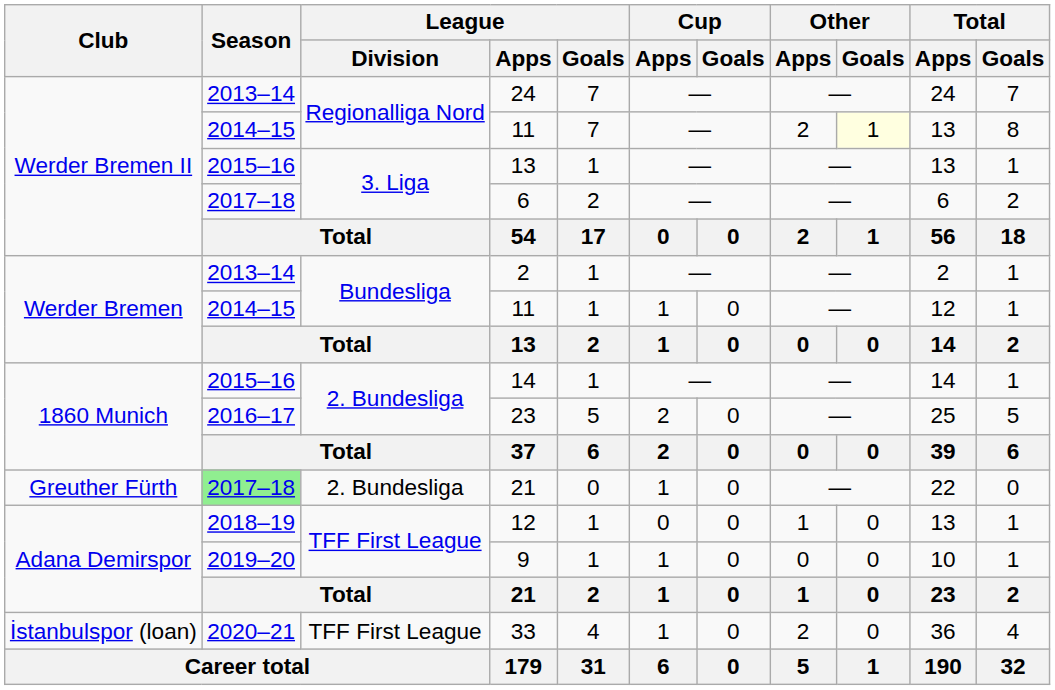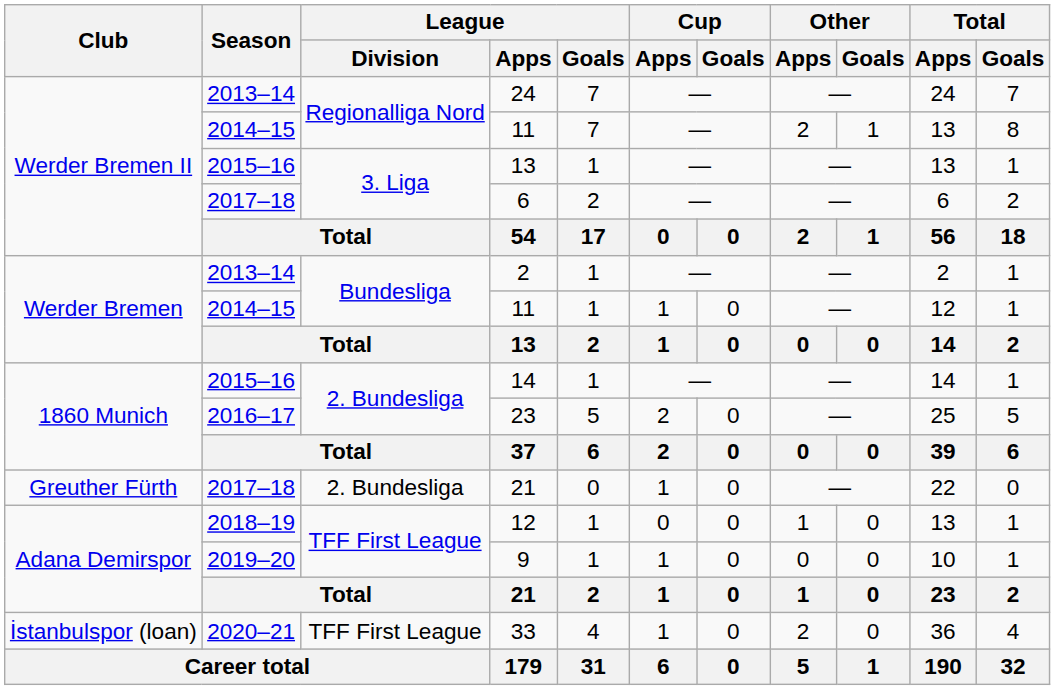 <table class="wikitable" style="text-align:center">
 <tr>
 <th rowspan="2">Club</th>
 <th rowspan="2">Season</th>
 <th colspan="3">League</th>
 <th colspan="2">Cup</th>
 <th colspan="2">Other</th>
 <th colspan="2">Total</th>
 </tr>
 <tr>
 <th>Division</th>
 <th>Apps</th>
 <th>Goals</th>
 <th>Apps</th>
 <th>Goals</th>
 <th>Apps</th>
 <th>Goals</th>
 <th>Apps</th>
 <th>Goals</th>
 </tr>
 <tr>
 <td rowspan="5"><a href='#'>Werder Bremen II</a></td>
 <td><a href='#'>2013–14</a></td>
 <td rowspan="2"><a href='#'>Regionalliga Nord</a></td>
 <td>24</td>
 <td>7</td>
 <td colspan="2">—</td>
 <td colspan="2">—</td>
 <td>24</td>
 <td>7</td>
 </tr>
 <tr>
 <td><a href='#'>2014–15</a></td>
 <td>11</td>
 <td>7</td>
 <td colspan="2">—</td>
 <td>2</td>
-<td style="background: lightyellow;">1</td>
+<td>1</td>
 <td>13</td>
 <td>8</td>
 </tr>
 <tr>
 <td><a href='#'>2015–16</a></td>
 <td rowspan="2"><a href='#'>3. Liga</a></td>
 <td>13</td>
 <td>1</td>
 <td colspan="2">—</td>
 <td colspan="2">—</td>
 <td>13</td>
 <td>1</td>
 </tr>
 <tr>
 <td><a href='#'>2017–18</a></td>
 <td>6</td>
 <td>2</td>
 <td colspan="2">—</td>
 <td colspan="2">—</td>
 <td>6</td>
 <td>2</td>
 </tr>
 <tr>
 <th colspan="2">Total</th>
 <th>54</th>
 <th>17</th>
 <th>0</th>
 <th>0</th>
 <th>2</th>
 <th>1</th>
 <th>56</th>
 <th>18</th>
 </tr>
 <tr>
 <td rowspan="3"><a href='#'>Werder Bremen</a></td>
 <td><a href='#'>2013–14</a></td>
 <td rowspan="2"><a href='#'>Bundesliga</a></td>
 <td>2</td>
 <td>1</td>
 <td colspan="2">—</td>
 <td colspan="2">—</td>
 <td>2</td>
 <td>1</td>
 </tr>
 <tr>
 <td><a href='#'>2014–15</a></td>
 <td>11</td>
 <td>1</td>
 <td>1</td>
 <td>0</td>
 <td colspan="2">—</td>
 <td>12</td>
 <td>1</td>
 </tr>
 <tr>
 <th colspan="2">Total</th>
 <th>13</th>
 <th>2</th>
 <th>1</th>
 <th>0</th>
 <th>0</th>
 <th>0</th>
 <th>14</th>
 <th>2</th>
 </tr>
 <tr>
 <td rowspan="3"><a href='#'>1860 Munich</a></td>
 <td><a href='#'>2015–16</a></td>
 <td rowspan="2"><a href='#'>2. Bundesliga</a></td>
 <td>14</td>
 <td>1</td>
 <td colspan="2">—</td>
 <td colspan="2">—</td>
 <td>14</td>
 <td>1</td>
 </tr>
 <tr>
 <td><a href='#'>2016–17</a></td>
 <td>23</td>
 <td>5</td>
 <td>2</td>
 <td>0</td>
 <td colspan="2">—</td>
 <td>25</td>
 <td>5</td>
 </tr>
 <tr>
 <th colspan="2">Total</th>
 <th>37</th>
 <th>6</th>
 <th>2</th>
 <th>0</th>
 <th>0</th>
 <th>0</th>
 <th>39</th>
 <th>6</th>
 </tr>
 <tr>
 <td><a href='#'>Greuther Fürth</a></td>
-<td style="background: lightgreen;"><a href='#'>2017–18</a></td>
+<td><a href='#'>2017–18</a></td>
 <td>2. Bundesliga</td>
 <td>21</td>
 <td>0</td>
 <td>1</td>
 <td>0</td>
 <td colspan="2">—</td>
 <td>22</td>
 <td>0</td>
 </tr>
 <tr>
 <td rowspan="3"><a href='#'>Adana Demirspor</a></td>
 <td><a href='#'>2018–19</a></td>
 <td rowspan="2"><a href='#'>TFF First League</a></td>
 <td>12</td>
 <td>1</td>
 <td>0</td>
 <td>0</td>
 <td>1</td>
 <td>0</td>
 <td>13</td>
 <td>1</td>
 </tr>
 <tr>
 <td><a href='#'>2019–20</a></td>
 <td>9</td>
 <td>1</td>
 <td>1</td>
 <td>0</td>
 <td>0</td>
 <td>0</td>
 <td>10</td>
 <td>1</td>
 </tr>
 <tr>
 <th colspan="2">Total</th>
 <th>21</th>
 <th>2</th>
 <th>1</th>
 <th>0</th>
 <th>1</th>
 <th>0</th>
 <th>23</th>
 <th>2</th>
 </tr>
 <tr>
 <td><a href='#'>İstanbulspor</a> (loan)</td>
 <td><a href='#'>2020–21</a></td>
 <td>TFF First League</td>
 <td>33</td>
 <td>4</td>
 <td>1</td>
 <td>0</td>
 <td>2</td>
 <td>0</td>
 <td>36</td>
 <td>4</td>
 </tr>
 <tr>
 <th colspan="3">Career total</th>
 <th>179</th>
 <th>31</th>
 <th>6</th>
 <th>0</th>
 <th>5</th>
 <th>1</th>
 <th>190</th>
 <th>32</th>
 </tr>
 </table>
